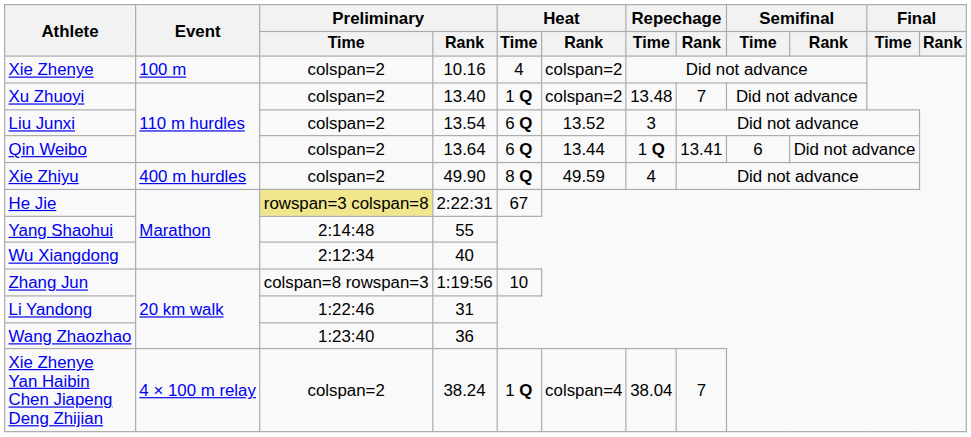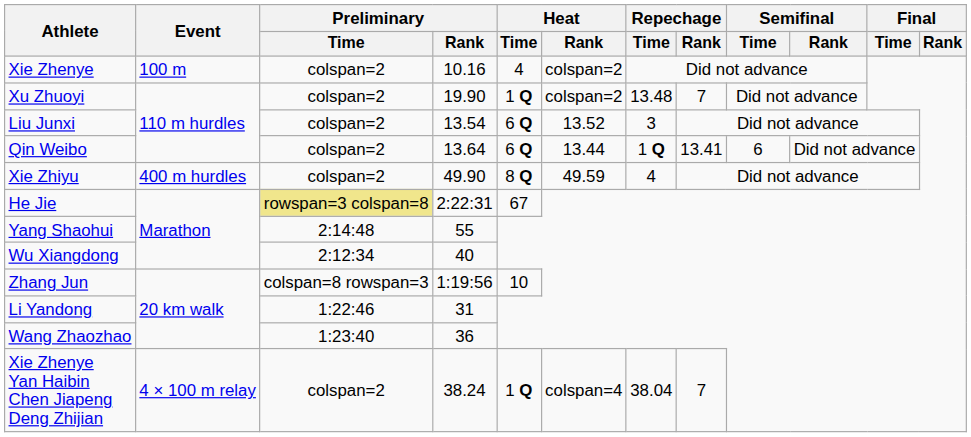 <table class="wikitable" style="font-size:90%">
 <tr>
 <th rowspan=2>Athlete</th>
 <th rowspan=2>Event</th>
 <th colspan=2>Preliminary</th>
 <th colspan=2>Heat</th>
 <th colspan=2>Repechage</th>
 <th colspan=2>Semifinal</th>
 <th colspan=2>Final</th>
 </tr>
 <tr style=font-size:95%>
 <th>Time</th>
 <th>Rank</th>
 <th>Time</th>
 <th>Rank</th>
 <th>Time</th>
 <th>Rank</th>
 <th>Time</th>
 <th>Rank</th>
 <th>Time</th>
 <th>Rank</th>
 </tr>
 <tr align=center>
 <td align=left><a href='#'>Xie Zhenye</a></td>
 <td align=left><a href='#'>100 m</a></td>
 <td>colspan=2 </td>
 <td>10.16</td>
 <td>4</td>
 <td>colspan=2</td>
 <td colspan=4>Did not advance</td>
 </tr>
 <tr align=center>
 <td align=left><a href='#'>Xu Zhuoyi</a></td>
 <td align=left rowspan=3><a href='#'>110 m hurdles</a></td>
 <td>colspan=2 </td>
-<td>13.40</td>
+<td>19.90</td>
 <td>1 <strong>Q</strong></td>
 <td>colspan=2</td>
 <td>13.48</td>
 <td>7</td>
 <td colspan=2>Did not advance</td>
 </tr>
 <tr align=center>
 <td align=left><a href='#'>Liu Junxi</a></td>
 <td>colspan=2 </td>
 <td>13.54</td>
 <td>6 <strong>Q</strong></td>
 <td>13.52</td>
 <td>3</td>
 <td colspan=4>Did not advance</td>
 </tr>
 <tr align=center>
 <td align=left><a href='#'>Qin Weibo</a></td>
 <td>colspan=2 </td>
 <td>13.64</td>
 <td>6 <strong>Q</strong></td>
 <td>13.44</td>
 <td>1 <strong>Q</strong></td>
 <td>13.41</td>
 <td>6</td>
 <td colspan=2>Did not advance</td>
 </tr>
 <tr align=center>
 <td align=left><a href='#'>Xie Zhiyu</a></td>
 <td align=left><a href='#'>400 m hurdles</a></td>
 <td>colspan=2 </td>
 <td>49.90</td>
 <td>8 <strong>Q</strong></td>
 <td>49.59</td>
 <td>4</td>
 <td colspan=4>Did not advance</td>
 </tr>
 <tr align=center>
 <td align=left><a href='#'>He Jie</a></td>
 <td align=left rowspan=3><a href='#'>Marathon</a></td>
 <td style="background: khaki;">rowspan=3 colspan=8 </td>
 <td>2:22:31</td>
 <td>67</td>
 </tr>
 <tr align=center>
 <td align=left><a href='#'>Yang Shaohui</a></td>
 <td>2:14:48</td>
 <td>55</td>
 </tr>
 <tr align=center>
 <td align=left><a href='#'>Wu Xiangdong</a></td>
 <td>2:12:34</td>
 <td>40</td>
 </tr>
 <tr align=center>
 <td align=left><a href='#'>Zhang Jun</a></td>
 <td align=left rowspan=3><a href='#'>20 km walk</a></td>
 <td>colspan=8 rowspan=3 </td>
 <td>1:19:56</td>
 <td>10</td>
 </tr>
 <tr align=center>
 <td align=left><a href='#'>Li Yandong</a></td>
 <td>1:22:46</td>
 <td>31</td>
 </tr>
 <tr align=center>
 <td align=left><a href='#'>Wang Zhaozhao</a></td>
 <td>1:23:40</td>
 <td>36</td>
 </tr>
 <tr align=center>
 <td align=left><a href='#'>Xie Zhenye</a><br><a href='#'>Yan Haibin</a><br><a href='#'>Chen Jiapeng</a><br><a href='#'>Deng Zhijian</a></td>
 <td align=left><a href='#'>4 × 100 m relay</a></td>
 <td>colspan=2 </td>
 <td>38.24</td>
 <td>1 <strong>Q</strong></td>
 <td>colspan=4 </td>
 <td>38.04</td>
 <td>7</td>
 </tr>
 </table>
